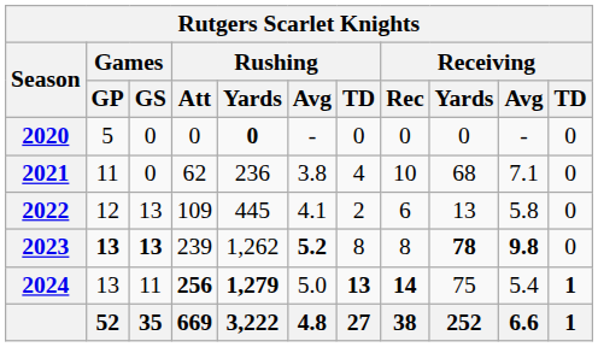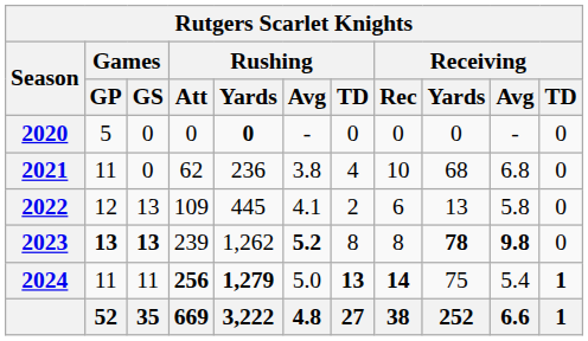 <table class="wikitable" style="text-align:center;">
 <tr>
 <th colspan="15">Rutgers Scarlet Knights</th>
 </tr>
 <tr>
 <th rowspan="2">Season</th>
 <th colspan="2">Games</th>
 <th colspan="4">Rushing</th>
 <th colspan="4">Receiving</th>
 </tr>
 <tr>
 <th>GP</th>
 <th>GS</th>
 <th>Att</th>
 <th>Yards</th>
 <th>Avg</th>
 <th>TD</th>
 <th>Rec</th>
 <th>Yards</th>
 <th>Avg</th>
 <th>TD</th>
 </tr>
 <tr>
 <th><a href='#'>2020</a></th>
 <td>5</td>
 <td>0</td>
 <td>0</td>
 <td><strong>0</strong></td>
 <td>-</td>
 <td>0</td>
 <td>0</td>
 <td>0</td>
 <td>-</td>
 <td>0</td>
 </tr>
 <tr>
 <th><a href='#'>2021</a></th>
 <td>11</td>
 <td>0</td>
 <td>62</td>
 <td>236</td>
 <td>3.8</td>
 <td>4</td>
 <td>10</td>
 <td>68</td>
-<td>7.1</td>
+<td>6.8</td>
 <td>0</td>
 </tr>
 <tr>
 <th><a href='#'>2022</a></th>
 <td>12</td>
 <td>13</td>
 <td>109</td>
 <td>445</td>
 <td>4.1</td>
 <td>2</td>
 <td>6</td>
 <td>13</td>
 <td>5.8</td>
 <td>0</td>
 </tr>
 <tr>
 <th><a href='#'>2023</a></th>
 <td><strong>13</strong></td>
 <td><strong>13</strong></td>
 <td>239</td>
 <td>1,262</td>
 <td><strong>5.2</strong></td>
 <td>8</td>
 <td>8</td>
 <td><strong>78</strong></td>
 <td><strong>9.8</strong></td>
 <td>0</td>
 </tr>
 <tr>
 <th><a href='#'>2024</a></th>
-<td>13</td>
+<td>11</td>
 <td>11</td>
 <td><strong>256</strong></td>
 <td><strong>1,279</strong></td>
 <td>5.0</td>
 <td><strong>13</strong></td>
 <td><strong>14</strong></td>
 <td>75</td>
 <td>5.4</td>
 <td><strong>1</strong></td>
 </tr>
 <tr>
 <th></th>
 <th>52</th>
 <th>35</th>
 <th>669</th>
 <th>3,222</th>
 <th>4.8</th>
 <th>27</th>
 <th>38</th>
 <th>252</th>
 <th>6.6</th>
 <th>1</th>
 </tr>
 </table>
